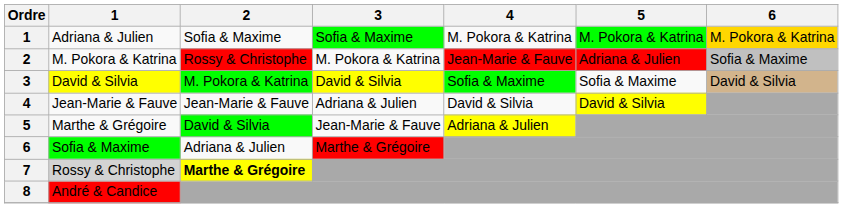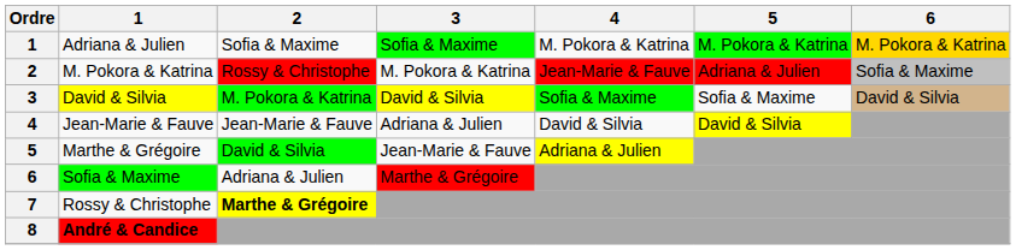 <table class="wikitable">
 <tr>
 <th>Ordre</th>
 <th>1</th>
 <th>2</th>
 <th>3</th>
 <th>4</th>
 <th>5</th>
 <th>6</th>
 </tr>
 <tr>
 <th>1</th>
 <td>Adriana & Julien</td>
 <td>Sofia & Maxime</td>
 <td bgcolor="lime">Sofia & Maxime</td>
 <td>M. Pokora & Katrina</td>
 <td bgcolor="lime">M. Pokora & Katrina</td>
 <td bgcolor="gold">M. Pokora & Katrina</td>
 </tr>
 <tr>
 <th>2</th>
 <td>M. Pokora & Katrina</td>
 <td bgcolor="red">Rossy & Christophe</td>
 <td>M. Pokora & Katrina</td>
 <td bgcolor="red">Jean-Marie & Fauve</td>
 <td bgcolor="red">Adriana & Julien</td>
 <td bgcolor="silver">Sofia & Maxime</td>
 </tr>
 <tr>
 <th>3</th>
 <td bgcolor="yellow">David & Silvia</td>
 <td bgcolor="lime">M. Pokora & Katrina</td>
 <td bgcolor="yellow">David & Silvia</td>
 <td bgcolor="lime">Sofia & Maxime</td>
 <td>Sofia & Maxime</td>
 <td bgcolor="tan">David & Silvia</td>
 </tr>
 <tr>
 <th>4</th>
 <td>Jean-Marie & Fauve</td>
 <td>Jean-Marie & Fauve</td>
 <td>Adriana & Julien</td>
 <td>David & Silvia</td>
 <td bgcolor="yellow">David & Silvia</td>
 <td style="background:darkgray;" colspan="1"></td>
 </tr>
 <tr>
 <th>5</th>
 <td>Marthe & Grégoire</td>
 <td bgcolor="lime">David & Silvia</td>
 <td>Jean-Marie & Fauve</td>
 <td bgcolor="yellow">Adriana & Julien</td>
 <td style="background:darkgray;" colspan="2"></td>
 </tr>
 <tr>
 <th>6</th>
 <td bgcolor="lime">Sofia & Maxime</td>
 <td>Adriana & Julien</td>
 <td bgcolor="red">Marthe & Grégoire</td>
 <td style="background:darkgray;" colspan="3"></td>
 </tr>
 <tr>
 <th>7</th>
-<td style="background: lightgrey;">Rossy & Christophe</td>
+<td>Rossy & Christophe</td>
 <td bgcolor="yellow"><strong>Marthe & Grégoire</strong></td>
 <td style="background:darkgray;" colspan="4"></td>
 </tr>
 <tr>
 <th>8</th>
-<td bgcolor="red">André & Candice</td>
+<td bgcolor="red"><strong>André & Candice</strong></td>
 <td style="background:darkgray;" colspan="5"></td>
 </tr>
 <tr>
 </tr>
 </table>
